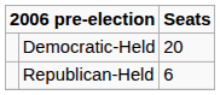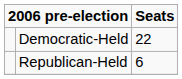 <table class="wikitable">
 <tr>
 <td colspan="2" rowspan="1" align="center" valign="top"><strong>2006 pre-election</strong></td>
 <td style="vertical-align:top;"><strong>Seats</strong><br></td>
 </tr>
 <tr>
 <td style="background-color:"> </td>
 <td>Democratic-Held</td>
-<td>20</td>
+<td>22</td>
 </tr>
 <tr>
 <td style="background-color:"> </td>
 <td>Republican-Held</td>
 <td>6</td>
 </tr>
 <tr>
 </tr>
 </table>
